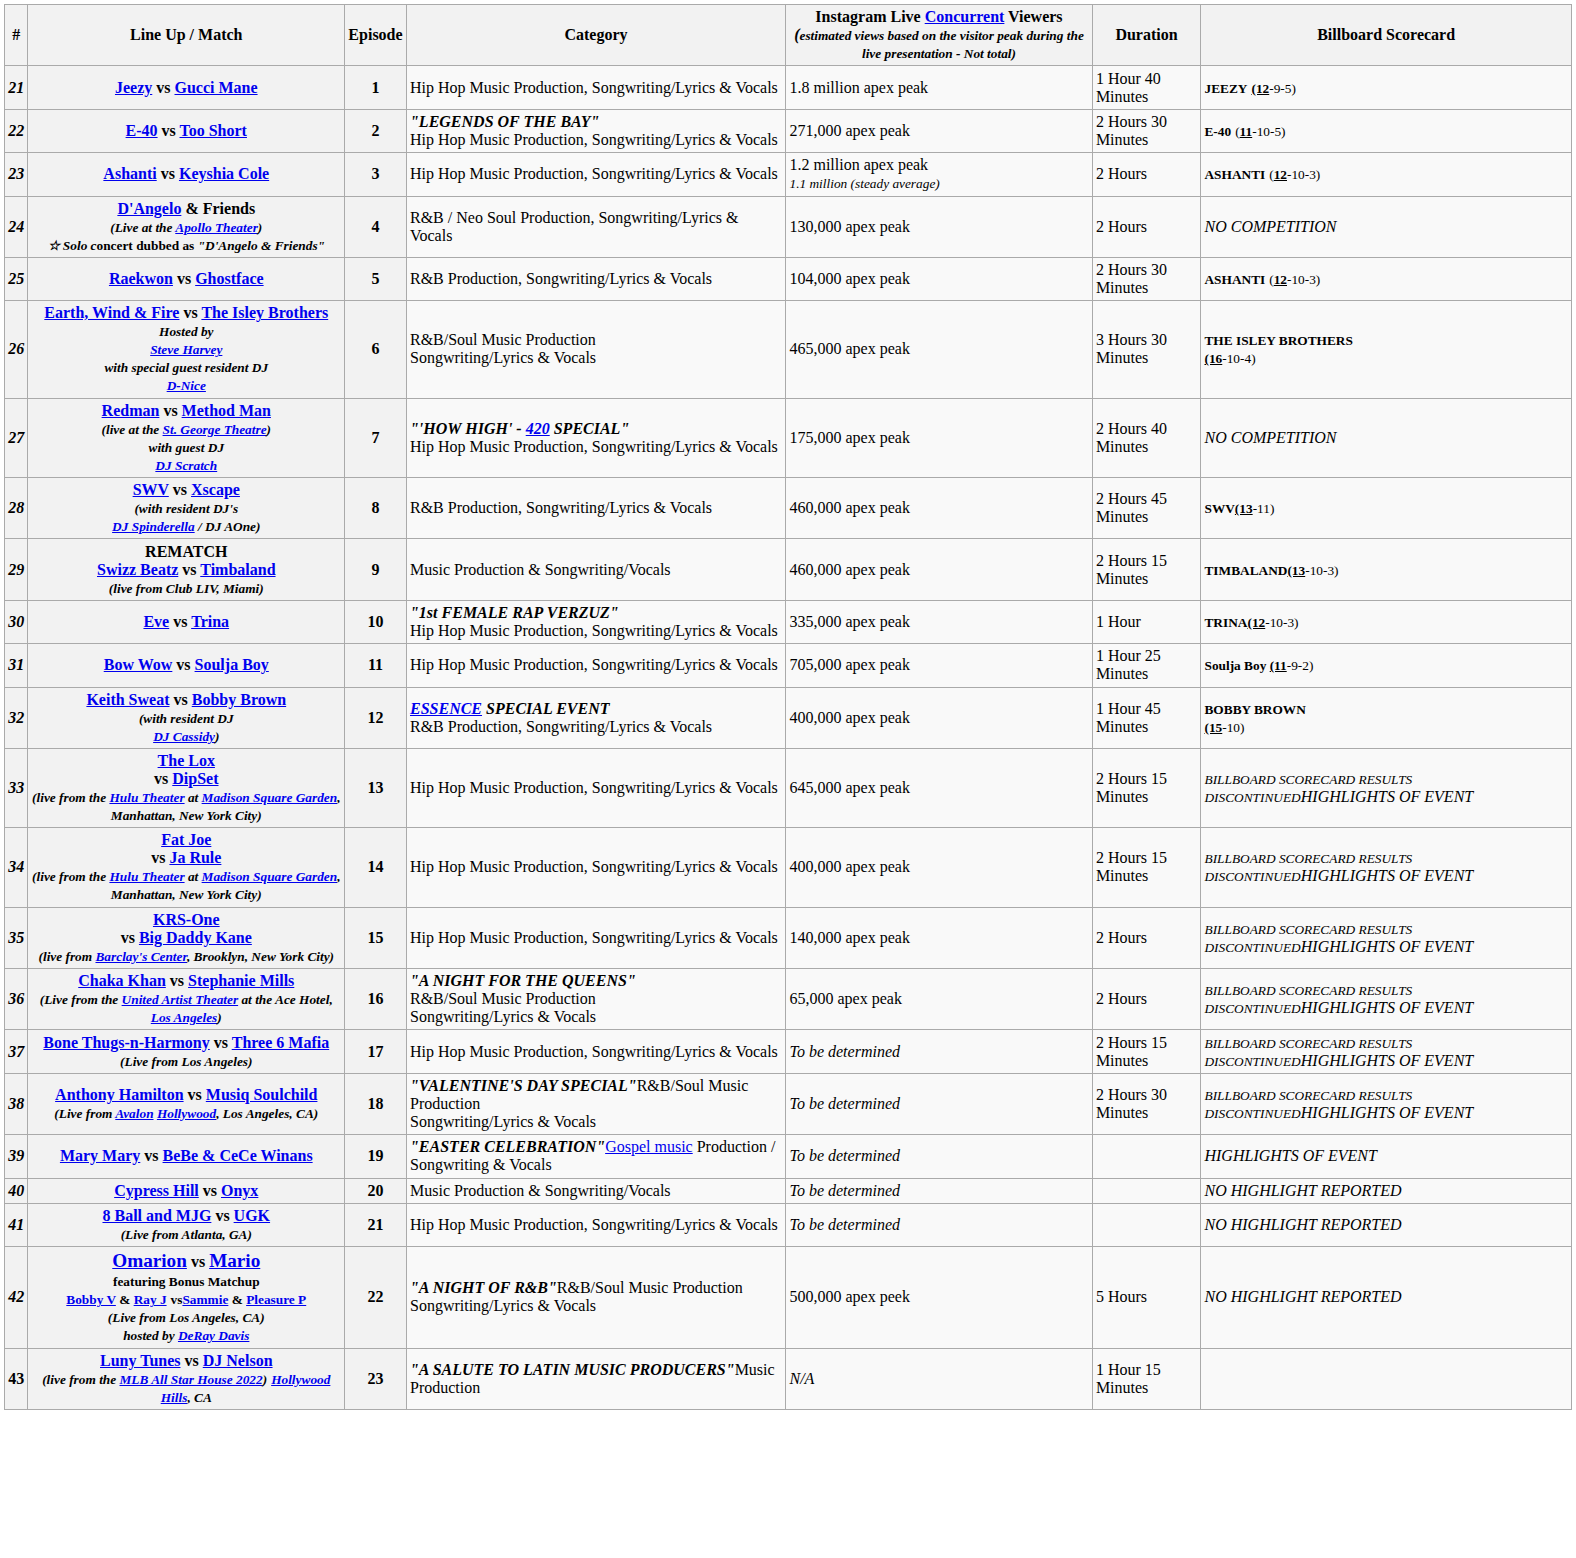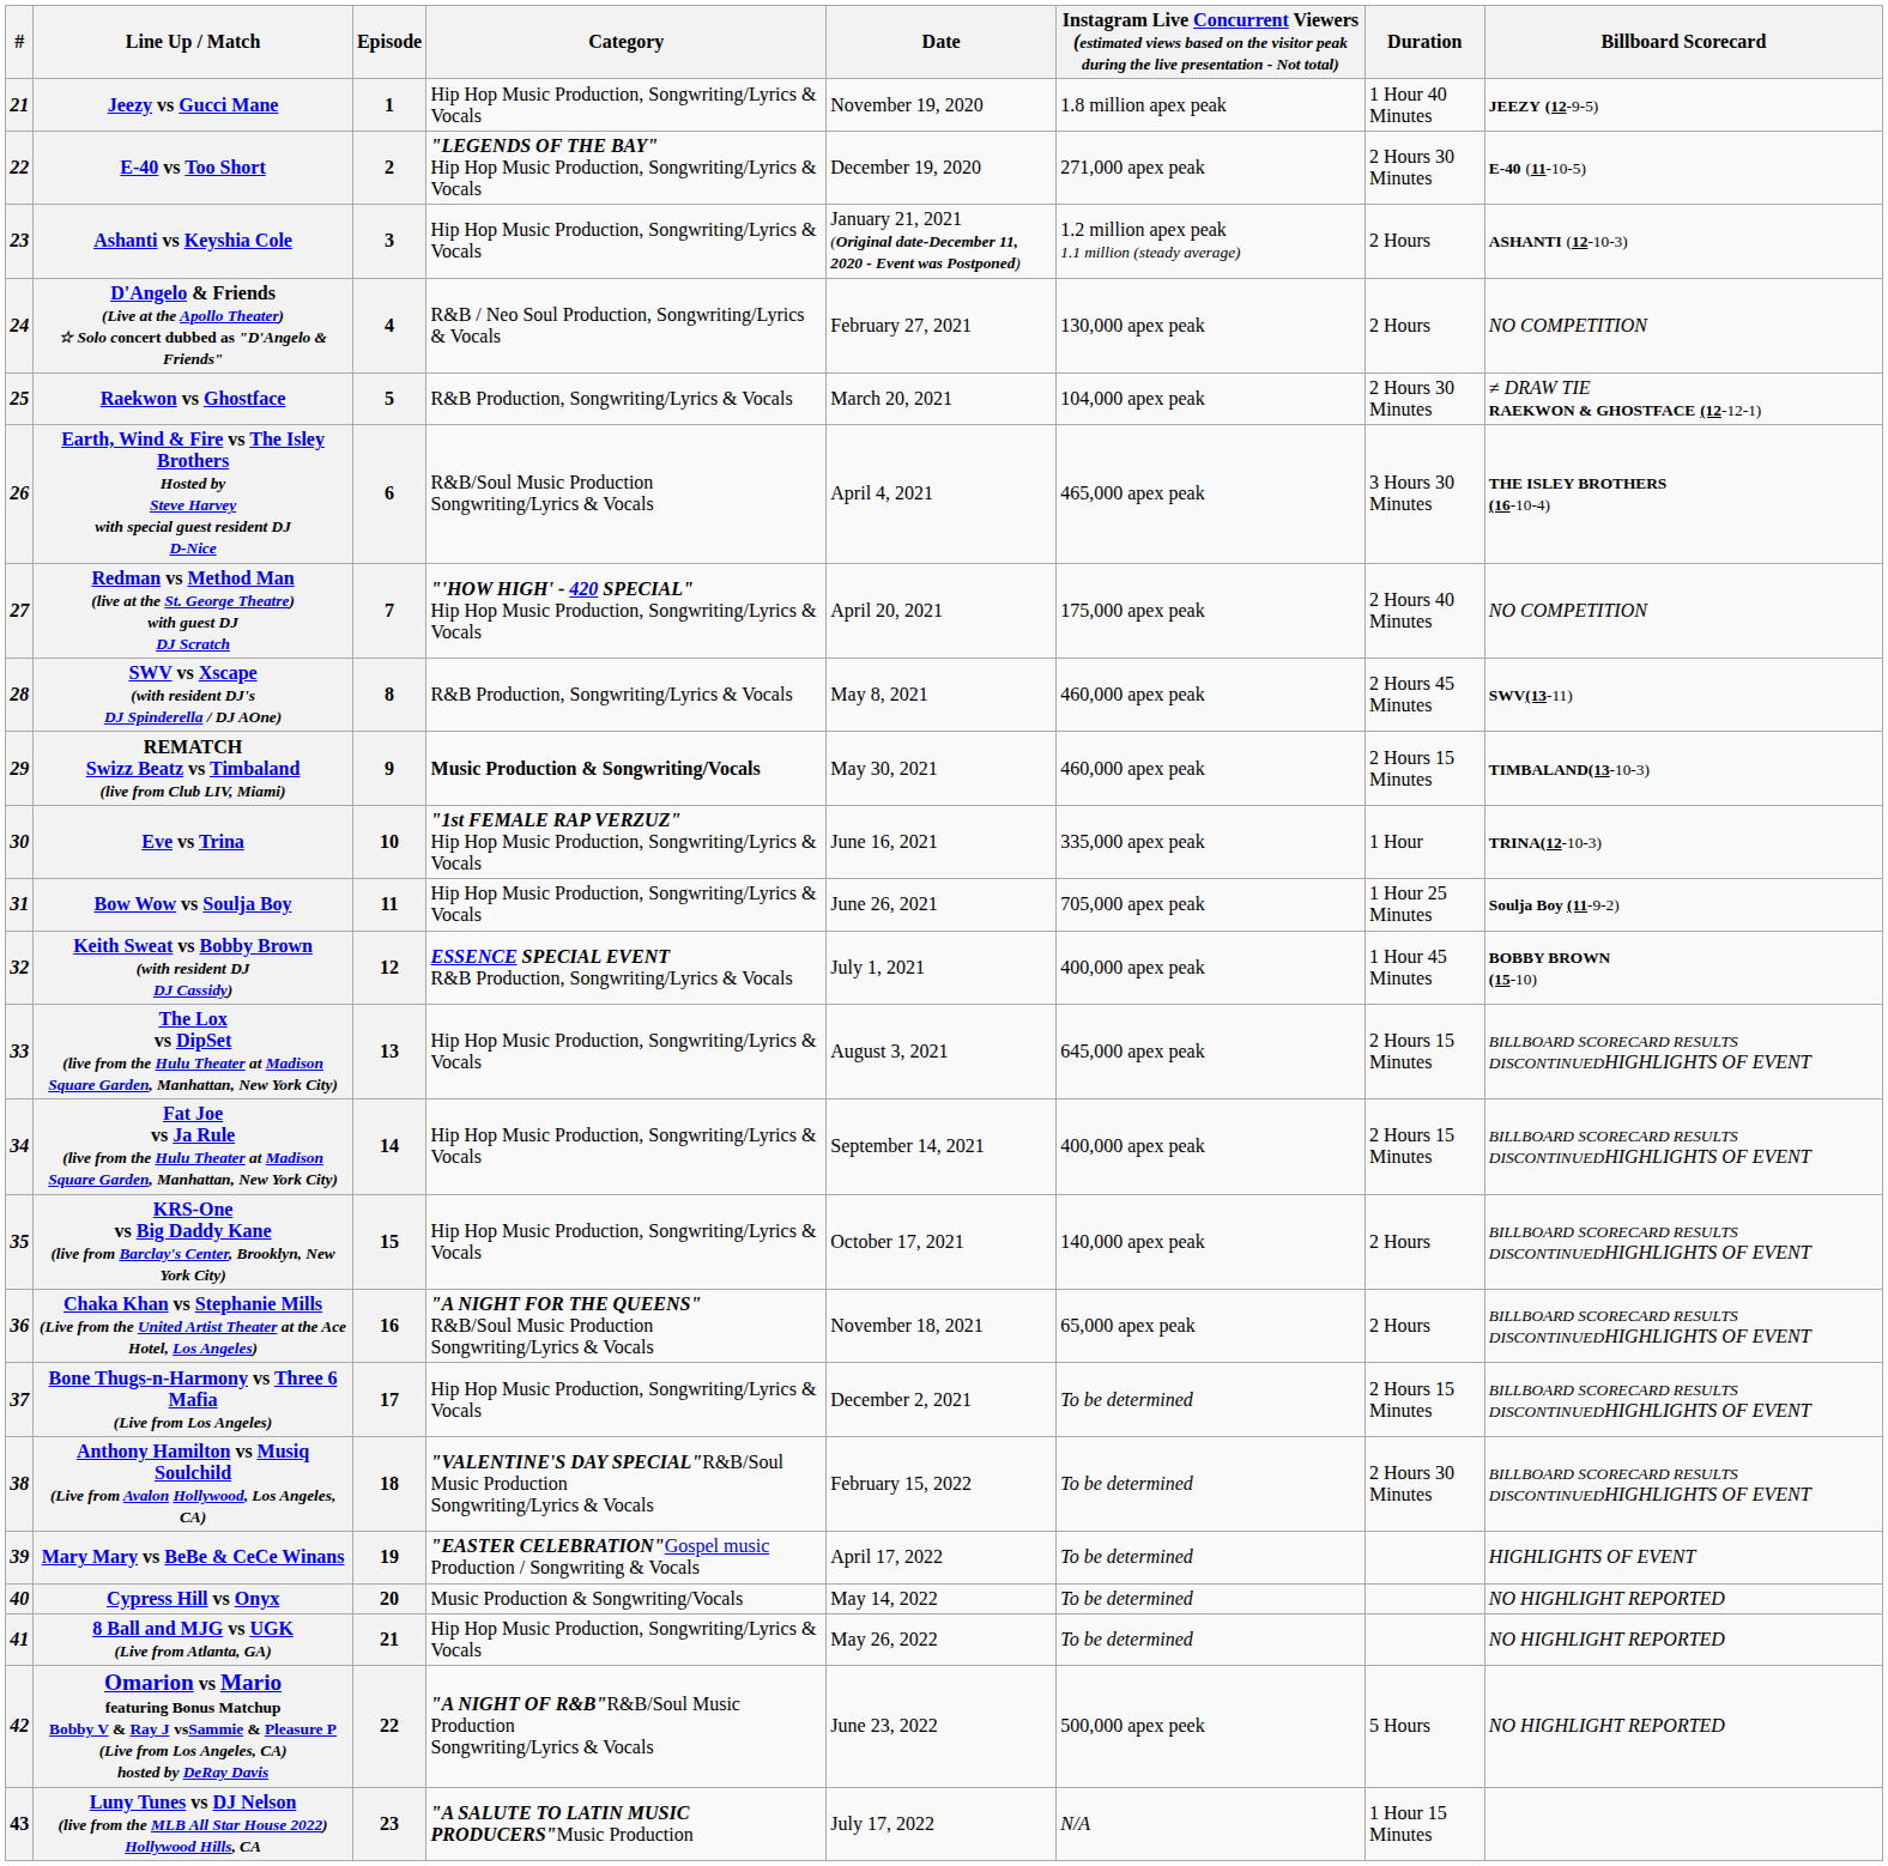 <table class="wikitable">
 <tr>
 <th>#</th>
 <th>Line Up / Match</th>
 <th>Episode</th>
 <th>Category</th>
+<th>Date</th>
 <th>Instagram Live <a href='#'>Concurrent</a> Viewers<br><em>(<small>estimated views based on the visitor peak during the live presentation - Not total)</small></em></th>
 <th>Duration</th>
 <th>Billboard Scorecard</th>
 </tr>
 <tr>
 <th><strong><em>21</em></strong></th>
 <th><a href='#'>Jeezy</a> vs <a href='#'>Gucci Mane</a></th>
 <th>1</th>
 <td>Hip Hop Music Production, Songwriting/Lyrics & Vocals</td>
+<td>November 19, 2020</td>
 <td>1.8 million apex peak</td>
 <td>1 Hour 40 Minutes</td>
 <td><strong><small>JEEZY</small></strong> <strong><u><small>(12</small></u></strong><small>-9-5)</small></td>
 </tr>
 <tr>
 <th><strong><em>22</em></strong></th>
 <th><a href='#'>E-40</a> vs <a href='#'>Too Short</a></th>
 <th>2</th>
 <td><strong><em>"LEGENDS OF THE BAY"</em></strong><br>Hip Hop Music Production, Songwriting/Lyrics & Vocals</td>
+<td>December 19, 2020</td>
 <td>271,000 apex peak</td>
 <td>2 Hours 30 Minutes</td>
 <td><strong><small>E-40</small></strong> <small>(<strong><u>11</u></strong>-10-5)</small></td>
 </tr>
 <tr>
 <th><strong><em>23</em></strong></th>
 <th><a href='#'>Ashanti</a> vs <a href='#'>Keyshia Cole</a></th>
 <th>3</th>
 <td>Hip Hop Music Production, Songwriting/Lyrics & Vocals</td>
+<td>January 21, 2021<br><em><small>(<strong>Original date-December 11, 2020  -</strong> <strong>Event was Postponed</strong></small><small>)</small></em></td>
 <td>1.2 million apex peak<br><small><em>1.1 million (steady average)</em></small></td>
 <td>2 Hours</td>
 <td><strong><small>ASHANTI</small></strong> <small>(<strong><u>12</u></strong>-10-3)</small></td>
 </tr>
 <tr>
 <th><strong><em>24</em></strong></th>
 <th><a href='#'>D'Angelo</a> & Friends<br><em><small>(Live at the <a href='#'>Apollo Theater</a>)</small></em><br><em><small>☆ Solo c</small></em><small>oncert dubbed as <em>"D'Angelo & Friends"</em></small></th>
 <th>4</th>
 <td>R&B / Neo Soul Production, Songwriting/Lyrics & Vocals</td>
+<td>February 27, 2021</td>
 <td>130,000 apex peak</td>
 <td>2 Hours</td>
 <td><em>NO COMPETITION</em></td>
 </tr>
 <tr>
 <th><em>25</em></th>
 <th><a href='#'>Raekwon</a> vs <a href='#'>Ghostface</a></th>
 <th>5</th>
 <td>R&B Production, Songwriting/Lyrics & Vocals</td>
+<td>March 20, 2021</td>
 <td>104,000 apex peak</td>
 <td>2 Hours 30 Minutes</td>
-<td><strong><small>ASHANTI</small></strong> <small>(<strong><u>12</u></strong>-10-3)</small></td>
+<td><em>≠ DRAW TIE</em><br><strong><small>RAEKWON & GHOSTFACE</small></strong> <strong><u><small>(12</small></u></strong><small>-12-1)</small></td>
 </tr>
 <tr>
 <th><em>26</em></th>
 <th><a href='#'>Earth, Wind & Fire</a> vs <a href='#'>The Isley Brothers</a><br><em><small>Hosted by</small></em><br><em><small><a href='#'>Steve Harvey</a></small></em><br><em><small>with special guest resident DJ</small></em><br><em><small><a href='#'>D-Nice</a></small></em></th>
 <th>6</th>
 <td>R&B/Soul Music Production<br>Songwriting/Lyrics & Vocals</td>
+<td>April 4, 2021</td>
 <td>465,000 apex peak</td>
 <td>3 Hours 30 Minutes</td>
 <td><strong><small>THE ISLEY BROTHERS</small></strong><br><strong><u><small>(16</small></u></strong><small>-10-4)</small></td>
 </tr>
 <tr>
 <th><em>27</em></th>
 <th><a href='#'>Redman</a> vs <a href='#'>Method Man</a><br><small><em>(live at the <a href='#'>St. George Theatre</a>)</em></small><br><small><em>with guest DJ</em></small><br><a href='#'><small><em>DJ Scratch</em></small></a></th>
 <th>7</th>
 <td><strong><em>"'HOW HIGH' - <a href='#'>420</a> SPECIAL"</em></strong><br>Hip Hop Music Production, Songwriting/Lyrics & Vocals</td>
+<td>April 20, 2021</td>
 <td>175,000 apex peak</td>
 <td>2 Hours 40 Minutes</td>
 <td><em>NO COMPETITION</em></td>
 </tr>
 <tr>
 <th><em>28</em></th>
 <th><a href='#'>SWV</a> vs <a href='#'>Xscape</a><br><small><em>(with resident DJ's</em></small><br><small><em><a href='#'>DJ Spinderella</a> / DJ AOne)</em></small></th>
 <th>8</th>
 <td>R&B Production, Songwriting/Lyrics & Vocals</td>
+<td>May 8, 2021</td>
 <td>460,000 apex peak</td>
 <td>2 Hours 45 Minutes</td>
 <td><strong><small>SWV</small></strong><strong><u><small>(13</small></u></strong><small>-11)</small></td>
 </tr>
 <tr>
 <th><em>29</em></th>
 <th>REMATCH<br><a href='#'>Swizz Beatz</a> vs <a href='#'>Timbaland</a><br><small><em>(live from Club LIV, Miami)</em></small></th>
 <th>9</th>
-<td>Music Production & Songwriting/Vocals</td>
+<td><strong>Music Production & Songwriting/Vocals</strong></td>
+<td>May 30, 2021</td>
 <td>460,000 apex peak</td>
 <td>2 Hours 15 Minutes</td>
 <td><strong><small>TIMBALAND</small></strong><strong><u><small>(13</small></u></strong><small>-10-3)</small></td>
 </tr>
 <tr>
 <th><em>30</em></th>
 <th><a href='#'>Eve</a> vs <a href='#'>Trina</a></th>
 <th>10</th>
 <td><strong><em>"1st FEMALE RAP VERZUZ"</em></strong><br>Hip Hop Music Production, Songwriting/Lyrics & Vocals</td>
+<td>June 16, 2021</td>
 <td>335,000 apex peak</td>
 <td>1 Hour</td>
 <td><strong><small>TRINA</small></strong><strong><u><small>(12</small></u></strong><small>-10-3)</small></td>
 </tr>
 <tr>
 <th><em>31</em></th>
 <th><a href='#'>Bow Wow</a> vs <a href='#'>Soulja Boy</a></th>
 <th>11</th>
 <td>Hip Hop Music Production, Songwriting/Lyrics & Vocals</td>
+<td>June 26, 2021</td>
 <td>705,000 apex peak</td>
 <td>1 Hour 25 Minutes</td>
 <td><strong><small>Soulja Boy </small></strong><strong><u><small>(11</small></u></strong><small>-9-2)</small></td>
 </tr>
 <tr>
 <th><em>32</em></th>
 <th><a href='#'>Keith Sweat</a> vs <a href='#'>Bobby Brown</a><br><small><em>(with resident DJ</em></small><br><small><em><a href='#'>DJ Cassidy</a>)</em></small></th>
 <th>12</th>
 <td><strong><em><a href='#'>ESSENCE</a> SPECIAL EVENT</em></strong><br>R&B Production, Songwriting/Lyrics & Vocals</td>
+<td>July 1, 2021</td>
 <td>400,000 apex peak</td>
 <td>1 Hour 45 Minutes</td>
 <td><strong><small>BOBBY BROWN</small></strong><br><strong><u><small>(15</small></u></strong><small>-10)</small></td>
 </tr>
 <tr>
 <th><em>33</em></th>
 <th><a href='#'>The Lox</a><br>vs <a href='#'>DipSet</a><br><small><em>(live from the <a href='#'>Hulu Theater</a> at <a href='#'>Madison Square Garden</a>, Manhattan, New York City)</em></small></th>
 <th>13</th>
 <td>Hip Hop Music Production, Songwriting/Lyrics & Vocals</td>
+<td>August 3, 2021</td>
 <td>645,000 apex peak</td>
 <td>2 Hours 15 Minutes</td>
 <td><em><small>BILLBOARD SCORECARD RESULTS DISCONTINUED</small></em><em>HIGHLIGHTS OF EVENT</em></td>
 </tr>
 <tr>
 <th><em>34</em></th>
 <th><a href='#'>Fat Joe</a><br>vs <a href='#'>Ja Rule</a><br><small><em>(live from the <a href='#'>Hulu Theater</a> at <a href='#'>Madison Square Garden</a>, Manhattan, New York City)</em></small></th>
 <th>14</th>
 <td>Hip Hop Music Production, Songwriting/Lyrics & Vocals</td>
+<td>September 14, 2021</td>
 <td>400,000 apex peak</td>
 <td>2 Hours 15 Minutes</td>
 <td><em><small>BILLBOARD SCORECARD RESULTS DISCONTINUED</small></em><em>HIGHLIGHTS OF EVENT</em></td>
 </tr>
 <tr>
 <th><em>35</em></th>
 <th><a href='#'>KRS-One</a><br>vs <a href='#'>Big Daddy Kane</a><br><small><em>(live from <a href='#'>Barclay's Center</a>, Brooklyn, New York City)</em></small></th>
 <th>15</th>
 <td>Hip Hop Music Production, Songwriting/Lyrics & Vocals</td>
+<td>October 17, 2021</td>
 <td>140,000 apex peak</td>
 <td>2 Hours</td>
 <td><em><small>BILLBOARD SCORECARD RESULTS DISCONTINUED</small></em><em>HIGHLIGHTS OF EVENT</em></td>
 </tr>
 <tr>
 <th><em>36</em></th>
 <th><a href='#'>Chaka Khan</a> vs <a href='#'>Stephanie Mills</a><br><em><small>(Live from the <a href='#'>United Artist Theater</a> at the Ace Hotel, <a href='#'>Los Angeles</a>)</small></em></th>
 <th>16</th>
 <td><strong><em>"A NIGHT FOR THE QUEENS"</em></strong><br>R&B/Soul Music Production<br>Songwriting/Lyrics & Vocals</td>
+<td>November 18, 2021</td>
 <td>65,000 apex peak</td>
 <td>2 Hours</td>
 <td><em><small>BILLBOARD SCORECARD RESULTS DISCONTINUED</small></em><em>HIGHLIGHTS OF EVENT</em></td>
 </tr>
 <tr>
 <th><em>37</em></th>
 <th><a href='#'>Bone Thugs-n-Harmony</a> vs <a href='#'>Three 6 Mafia</a><br><em><small>(Live from Los Angeles)</small></em></th>
 <th>17</th>
 <td>Hip Hop Music Production, Songwriting/Lyrics & Vocals</td>
+<td>December 2, 2021</td>
 <td><em>To be determined</em></td>
 <td>2 Hours 15 Minutes</td>
 <td><em><small>BILLBOARD SCORECARD RESULTS DISCONTINUED</small></em><em>HIGHLIGHTS OF EVENT</em></td>
 </tr>
 <tr>
 <th><em>38</em></th>
 <th><a href='#'>Anthony Hamilton</a> vs <a href='#'>Musiq Soulchild</a><br><em><small>(Live from <a href='#'>Avalon</a> <a href='#'>Hollywood</a>, Los Angeles, CA)</small></em></th>
 <th>18</th>
 <td><strong><em>"VALENTINE'S DAY SPECIAL"</em></strong>R&B/Soul Music Production<br>Songwriting/Lyrics & Vocals</td>
+<td>February 15, 2022</td>
 <td><em>To be determined</em></td>
 <td>2 Hours 30 Minutes</td>
 <td><em><small>BILLBOARD SCORECARD RESULTS DISCONTINUED</small></em><em>HIGHLIGHTS OF EVENT</em></td>
 </tr>
 <tr>
 <th><em>39</em></th>
 <th><a href='#'>Mary Mary</a> vs <a href='#'>BeBe & CeCe Winans</a></th>
 <th>19</th>
 <td><strong><em>"EASTER CELEBRATION"</em></strong><a href='#'>Gospel music</a> Production / Songwriting & Vocals</td>
+<td>April 17, 2022</td>
 <td><em>To be determined</em></td>
 <td></td>
 <td><em>HIGHLIGHTS OF EVENT</em></td>
 </tr>
 <tr>
 <th><em>40</em></th>
 <th><a href='#'>Cypress Hill</a> vs <a href='#'>Onyx</a></th>
 <th>20</th>
 <td>Music Production & Songwriting/Vocals</td>
+<td>May 14, 2022</td>
 <td><em>To be determined</em></td>
 <td></td>
 <td><em>NO HIGHLIGHT REPORTED</em></td>
 </tr>
 <tr>
 <th><em>41</em></th>
 <th><a href='#'>8 Ball and MJG</a> vs <a href='#'>UGK</a><br><em><small>(Live from Atlanta, GA)</small></em></th>
 <th>21</th>
 <td>Hip Hop Music Production, Songwriting/Lyrics & Vocals</td>
+<td>May 26, 2022</td>
 <td><em>To be determined</em></td>
 <td></td>
 <td><em>NO HIGHLIGHT REPORTED</em></td>
 </tr>
 <tr>
 <th><em>42</em></th>
 <th><big><a href='#'>Omarion</a></big> vs <a href='#'><big>Mario</big></a><br><small>featuring Bonus Matchup</small><br><small><a href='#'>Bobby V</a> & <a href='#'>Ray J</a></small> <small>vs</small><small><a href='#'>Sammie</a> & <a href='#'>Pleasure P</a></small><br><small><em>(Live from Los Angeles, CA)</em></small><br><em><small>hosted by <a href='#'>DeRay Davis</a></small></em></th>
 <th>22</th>
 <td><strong><em>"A NIGHT OF R&B"</em></strong>R&B/Soul Music Production<br>Songwriting/Lyrics & Vocals</td>
+<td>June 23, 2022</td>
 <td>500,000 apex peek</td>
 <td>5 Hours</td>
 <td><em>NO HIGHLIGHT REPORTED</em></td>
 </tr>
 <tr>
 <th>43</th>
 <th><a href='#'>Luny Tunes</a> vs <a href='#'>DJ Nelson</a><br><small><em>(live from the <a href='#'>MLB All Star House 2022</a>)</em></small> <small><em><a href='#'>Hollywood Hills</a>, CA</em></small></th>
 <th>23</th>
 <td><strong><em>"A SALUTE TO LATIN MUSIC PRODUCERS"</em></strong>Music Production</td>
+<td>July 17, 2022</td>
 <td><em>N/A</em></td>
 <td>1 Hour 15 Minutes</td>
 <td></td>
 </tr>
 </table>
